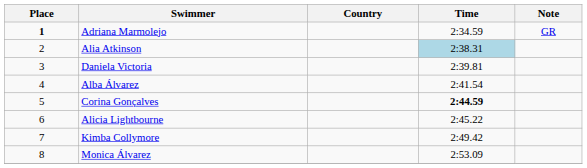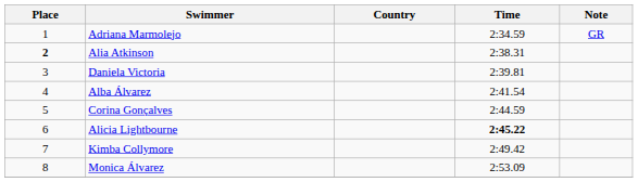 <table class="wikitable" style=" text-align:center; font-size:110%;" width="75%">
 <tr>
 <th>Place</th>
 <th>Swimmer</th>
 <th>Country</th>
 <th>Time</th>
 <th>Note</th>
 </tr>
 <tr>
-<td><strong>1</strong></td>
+<td>1</td>
 <td align=left><a href='#'>Adriana Marmolejo</a></td>
 <td align=left></td>
 <td>2:34.59</td>
 <td><a href='#'>GR</a></td>
 </tr>
 <tr>
-<td>2</td>
+<td><strong>2</strong></td>
 <td align=left><a href='#'>Alia Atkinson</a></td>
 <td align=left></td>
-<td style="background: lightblue;">2:38.31</td>
+<td>2:38.31</td>
 <td></td>
 </tr>
 <tr>
 <td>3</td>
 <td align=left><a href='#'>Daniela Victoria</a></td>
 <td align=left></td>
 <td>2:39.81</td>
 <td></td>
 </tr>
 <tr>
 <td>4</td>
 <td align=left><a href='#'>Alba Álvarez</a></td>
 <td align=left></td>
 <td>2:41.54</td>
 <td></td>
 </tr>
 <tr>
 <td>5</td>
 <td align=left><a href='#'>Corina Gonçalves</a></td>
 <td align=left></td>
-<td><strong>2:44.59</strong></td>
+<td>2:44.59</td>
 <td></td>
 </tr>
 <tr>
 <td>6</td>
 <td align=left><a href='#'>Alicia Lightbourne</a></td>
 <td align=left></td>
-<td>2:45.22</td>
+<td><strong>2:45.22</strong></td>
 <td></td>
 </tr>
 <tr>
 <td>7</td>
 <td align=left><a href='#'>Kimba Collymore</a></td>
 <td align=left></td>
 <td>2:49.42</td>
 <td></td>
 </tr>
 <tr>
 <td>8</td>
 <td align=left><a href='#'>Monica Álvarez</a></td>
 <td align=left></td>
 <td>2:53.09</td>
 <td></td>
 </tr>
 <tr>
 </tr>
 </table>
